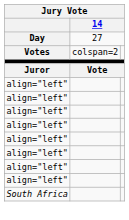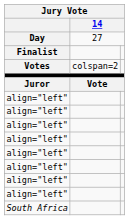 <table class="wikitable" style="text-align:center; font-size:95%">
 <tr>
 <th colspan="3">Jury Vote</th>
 </tr>
 <tr>
 <th></th>
 <th colspan=2><a href='#'>14</a></th>
 </tr>
 <tr>
 <th>Day</th>
 <td colspan=2>27</td>
+</tr>
+<tr>
+<th>Finalist</th>
+<td></td>
+<td></td>
 </tr>
 <tr>
 <th>Votes</th>
 <td>colspan=2 </td>
 </tr>
 <tr>
 <td colspan=3 bgcolor=black></td>
 </tr>
 <tr>
 <th>Juror</th>
 <th colspan="2">Vote</th>
 </tr>
 <tr>
 <td>align="left" </td>
 <td></td>
 <td></td>
 </tr>
 <tr>
 <td>align="left" </td>
 <td></td>
 <td></td>
 </tr>
 <tr>
 <td>align="left" </td>
 <td></td>
 <td></td>
 </tr>
 <tr>
 <td>align="left" </td>
 <td></td>
 <td></td>
 </tr>
 <tr>
 <td>align="left" </td>
 <td></td>
 <td></td>
 </tr>
 <tr>
 <td>align="left" </td>
 <td></td>
 <td></td>
 </tr>
 <tr>
 <td>align="left" </td>
 <td></td>
 <td></td>
 </tr>
 <tr>
 <td>align="left" </td>
 <td></td>
 <td></td>
 </tr>
 <tr>
 <td align="left"><em>South Africa</em></td>
 <td></td>
 <td></td>
 </tr>
 </table>
